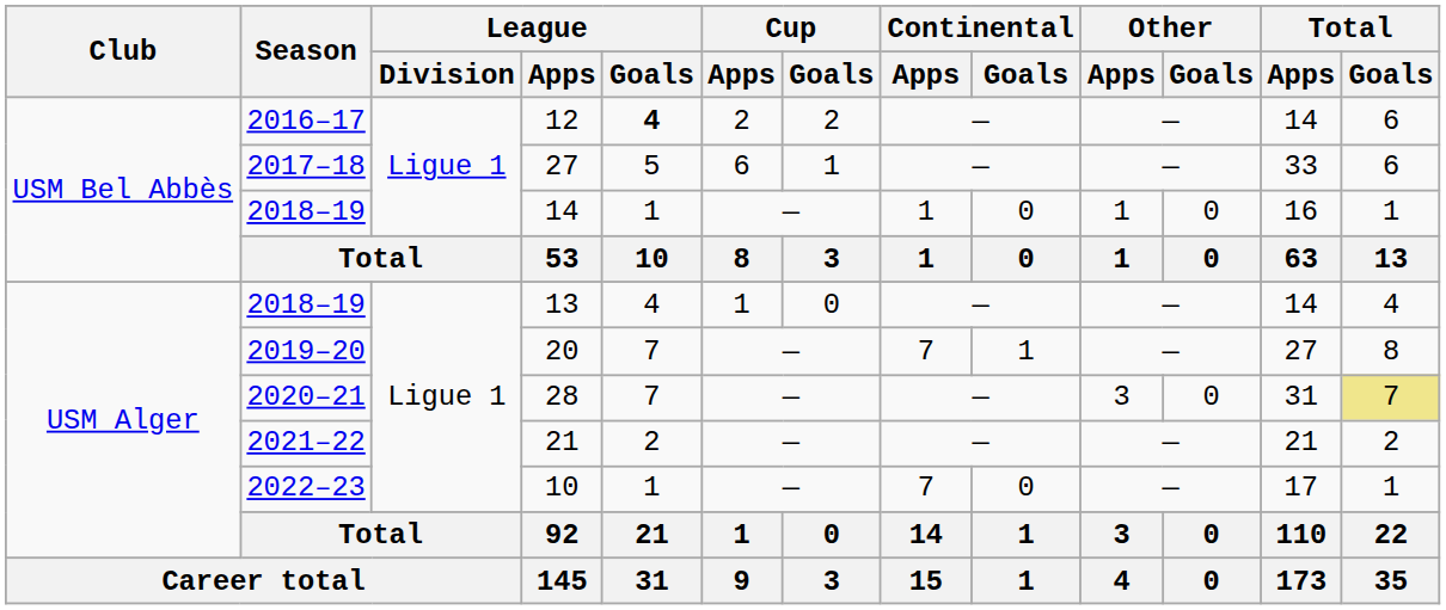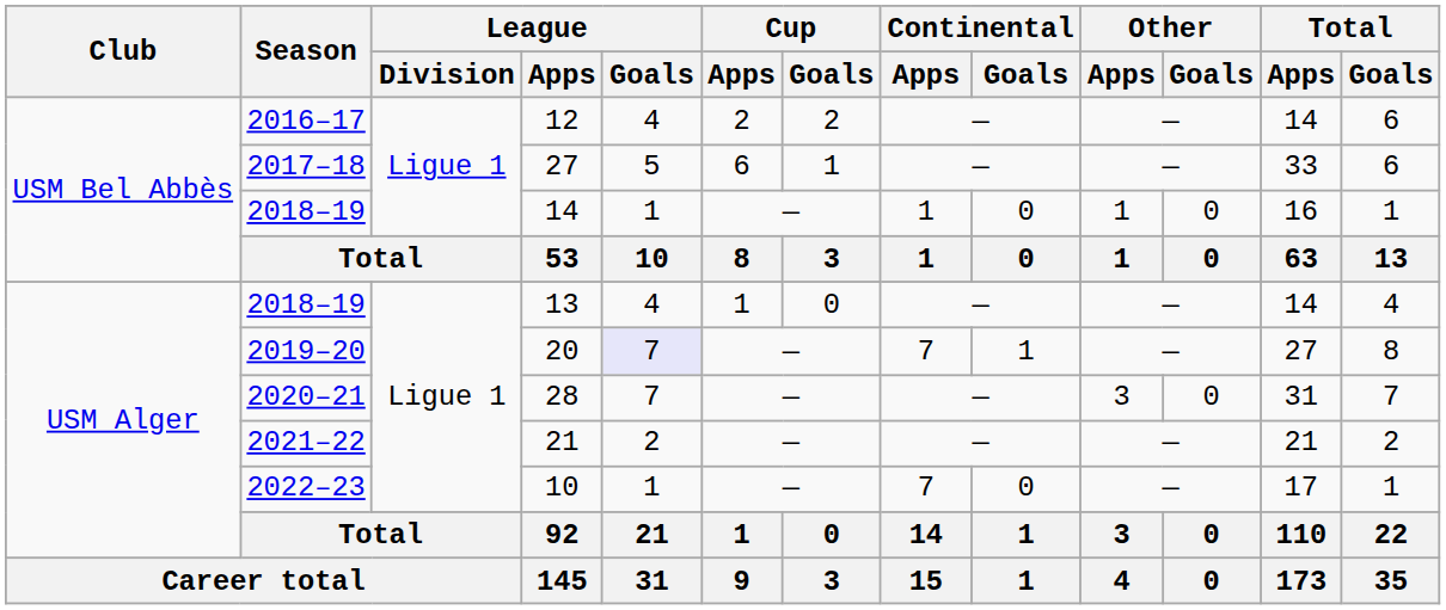 <table class="wikitable" style="text-align: center;">
 <tr>
 <th rowspan="2">Club</th>
 <th rowspan="2">Season</th>
 <th colspan="3">League</th>
 <th colspan="2">Cup</th>
 <th colspan="2">Continental</th>
 <th colspan="2">Other</th>
 <th colspan="2">Total</th>
 </tr>
 <tr>
 <th>Division</th>
 <th>Apps</th>
 <th>Goals</th>
 <th>Apps</th>
 <th>Goals</th>
 <th>Apps</th>
 <th>Goals</th>
 <th>Apps</th>
 <th>Goals</th>
 <th>Apps</th>
 <th>Goals</th>
 </tr>
 <tr>
 <td rowspan=4><a href='#'>USM Bel Abbès</a></td>
 <td><a href='#'>2016–17</a></td>
 <td rowspan=3><a href='#'>Ligue 1</a></td>
 <td>12</td>
-<td><strong>4</strong></td>
+<td>4</td>
 <td>2</td>
 <td>2</td>
 <td colspan=2>—</td>
 <td colspan=2>—</td>
 <td>14</td>
 <td>6</td>
 </tr>
 <tr>
 <td><a href='#'>2017–18</a></td>
 <td>27</td>
 <td>5</td>
 <td>6</td>
 <td>1</td>
 <td colspan=2>—</td>
 <td colspan=2>—</td>
 <td>33</td>
 <td>6</td>
 </tr>
 <tr>
 <td><a href='#'>2018–19</a></td>
 <td>14</td>
 <td>1</td>
 <td colspan=2>—</td>
 <td>1</td>
 <td>0</td>
 <td>1</td>
 <td>0</td>
 <td>16</td>
 <td>1</td>
 </tr>
 <tr>
 <th colspan="2">Total</th>
 <th>53</th>
 <th>10</th>
 <th>8</th>
 <th>3</th>
 <th>1</th>
 <th>0</th>
 <th>1</th>
 <th>0</th>
 <th>63</th>
 <th>13</th>
 </tr>
 <tr>
 <td rowspan=6><a href='#'>USM Alger</a></td>
 <td><a href='#'>2018–19</a></td>
 <td rowspan=5>Ligue 1</td>
 <td>13</td>
 <td>4</td>
 <td>1</td>
 <td>0</td>
 <td colspan=2>—</td>
 <td colspan=2>—</td>
 <td>14</td>
 <td>4</td>
 </tr>
 <tr>
 <td><a href='#'>2019–20</a></td>
 <td>20</td>
-<td>7</td>
+<td style="background: lavender;">7</td>
 <td colspan=2>—</td>
 <td>7</td>
 <td>1</td>
 <td colspan=2>—</td>
 <td>27</td>
 <td>8</td>
 </tr>
 <tr>
 <td><a href='#'>2020–21</a></td>
 <td>28</td>
 <td>7</td>
 <td colspan=2>—</td>
 <td colspan=2>—</td>
 <td>3</td>
 <td>0</td>
 <td>31</td>
-<td style="background: khaki;">7</td>
+<td>7</td>
 </tr>
 <tr>
 <td><a href='#'>2021–22</a></td>
 <td>21</td>
 <td>2</td>
 <td colspan=2>—</td>
 <td colspan=2>—</td>
 <td colspan=2>—</td>
 <td>21</td>
 <td>2</td>
 </tr>
 <tr>
 <td><a href='#'>2022–23</a></td>
 <td>10</td>
 <td>1</td>
 <td colspan=2>—</td>
 <td>7</td>
 <td>0</td>
 <td colspan=2>—</td>
 <td>17</td>
 <td>1</td>
 </tr>
 <tr>
 <th colspan="2">Total</th>
 <th>92</th>
 <th>21</th>
 <th>1</th>
 <th>0</th>
 <th>14</th>
 <th>1</th>
 <th>3</th>
 <th>0</th>
 <th>110</th>
 <th>22</th>
 </tr>
 <tr>
 <th colspan="3">Career total</th>
 <th>145</th>
 <th>31</th>
 <th>9</th>
 <th>3</th>
 <th>15</th>
 <th>1</th>
 <th>4</th>
 <th>0</th>
 <th>173</th>
 <th>35</th>
 </tr>
 </table>
